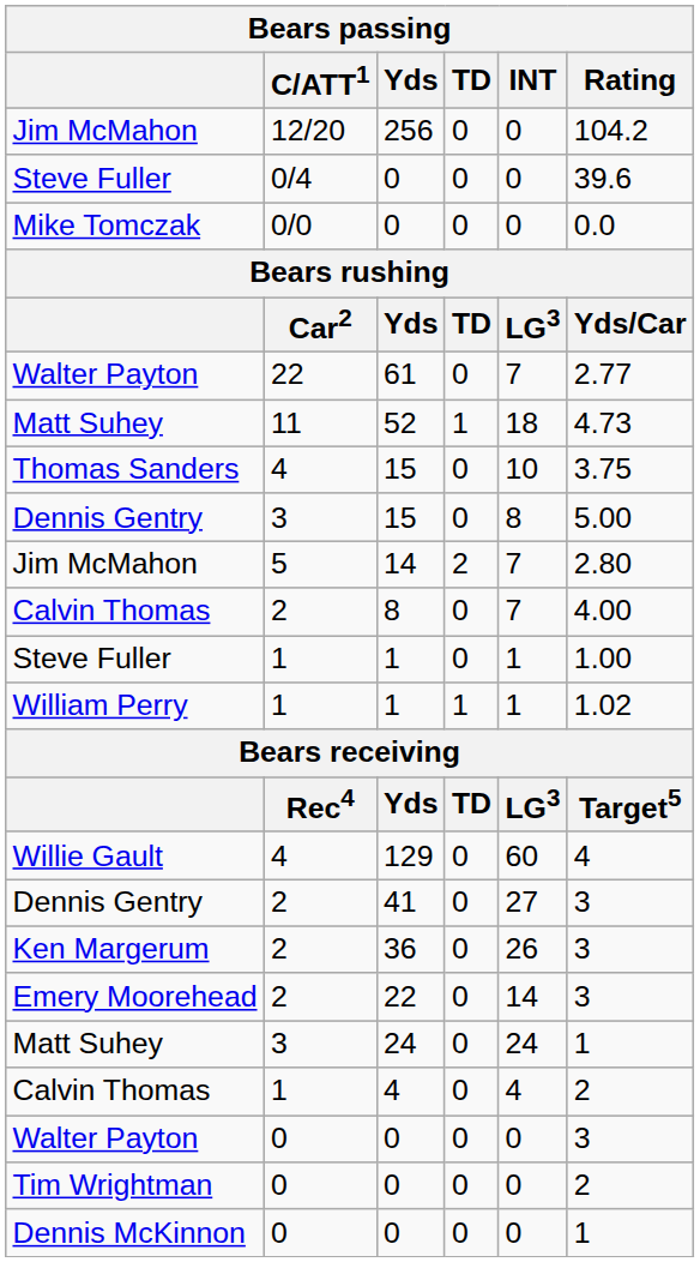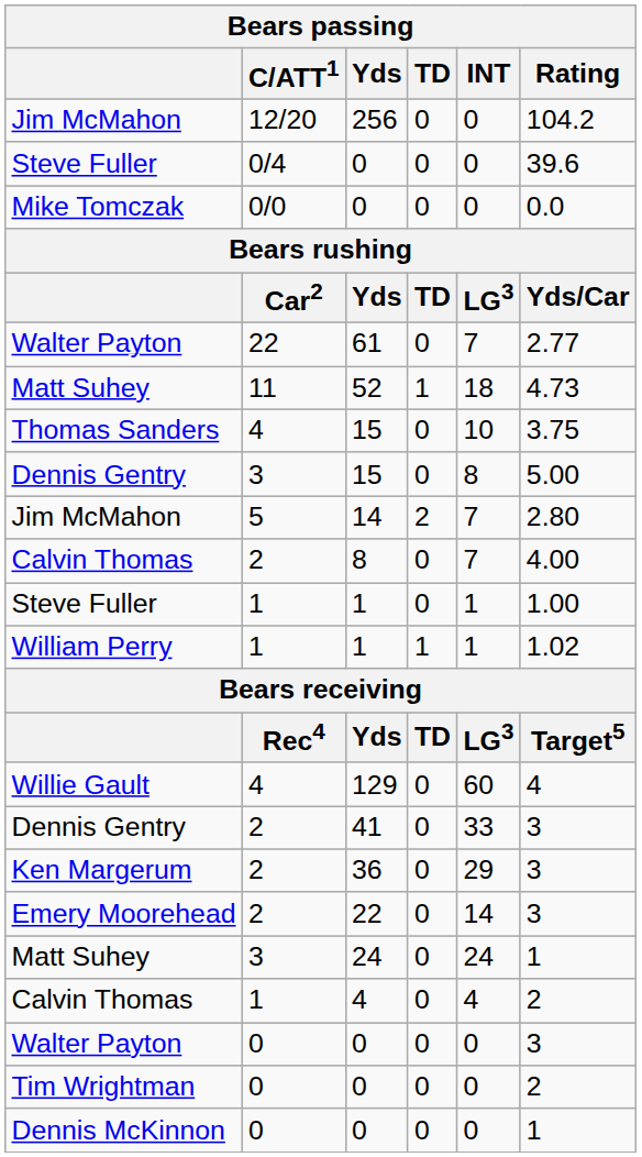 <table class="wikitable">
 <tr>
 <th colspan="6">Bears passing</th>
 </tr>
 <tr>
 <th></th>
 <th>C/ATT<sup>1</sup></th>
 <th>Yds</th>
 <th>TD</th>
 <th>INT</th>
 <th>Rating</th>
 </tr>
 <tr>
 <td><a href='#'>Jim McMahon</a></td>
 <td>12/20</td>
 <td>256</td>
 <td>0</td>
 <td>0</td>
 <td>104.2</td>
 </tr>
 <tr>
 <td><a href='#'>Steve Fuller</a></td>
 <td>0/4</td>
 <td>0</td>
 <td>0</td>
 <td>0</td>
 <td>39.6</td>
 </tr>
 <tr>
 <td><a href='#'>Mike Tomczak</a></td>
 <td>0/0</td>
 <td>0</td>
 <td>0</td>
 <td>0</td>
 <td>0.0</td>
 </tr>
 <tr>
 <th colspan="6">Bears rushing</th>
 </tr>
 <tr>
 <th></th>
 <th>Car<sup>2</sup></th>
 <th>Yds</th>
 <th>TD</th>
 <th>LG<sup>3</sup></th>
 <th>Yds/Car</th>
 </tr>
 <tr>
 <td><a href='#'>Walter Payton</a></td>
 <td>22</td>
 <td>61</td>
 <td>0</td>
 <td>7</td>
 <td>2.77</td>
 </tr>
 <tr>
 <td><a href='#'>Matt Suhey</a></td>
 <td>11</td>
 <td>52</td>
 <td>1</td>
 <td>18</td>
 <td>4.73</td>
 </tr>
 <tr>
 <td><a href='#'>Thomas Sanders</a></td>
 <td>4</td>
 <td>15</td>
 <td>0</td>
 <td>10</td>
 <td>3.75</td>
 </tr>
 <tr>
 <td><a href='#'>Dennis Gentry</a></td>
 <td>3</td>
 <td>15</td>
 <td>0</td>
 <td>8</td>
 <td>5.00</td>
 </tr>
 <tr>
 <td>Jim McMahon</td>
 <td>5</td>
 <td>14</td>
 <td>2</td>
 <td>7</td>
 <td>2.80</td>
 </tr>
 <tr>
 <td><a href='#'>Calvin Thomas</a></td>
 <td>2</td>
 <td>8</td>
 <td>0</td>
 <td>7</td>
 <td>4.00</td>
 </tr>
 <tr>
 <td>Steve Fuller</td>
 <td>1</td>
 <td>1</td>
 <td>0</td>
 <td>1</td>
 <td>1.00</td>
 </tr>
 <tr>
 <td><a href='#'>William Perry</a></td>
 <td>1</td>
 <td>1</td>
 <td>1</td>
 <td>1</td>
 <td>1.02</td>
 </tr>
 <tr>
 <th colspan="6">Bears receiving</th>
 </tr>
 <tr>
 <th></th>
 <th>Rec<sup>4</sup></th>
 <th>Yds</th>
 <th>TD</th>
 <th>LG<sup>3</sup></th>
 <th>Target<sup>5</sup></th>
 </tr>
 <tr>
 <td><a href='#'>Willie Gault</a></td>
 <td>4</td>
 <td>129</td>
 <td>0</td>
 <td>60</td>
 <td>4</td>
 </tr>
 <tr>
 <td>Dennis Gentry</td>
 <td>2</td>
 <td>41</td>
 <td>0</td>
-<td>27</td>
+<td>33</td>
 <td>3</td>
 </tr>
 <tr>
 <td><a href='#'>Ken Margerum</a></td>
 <td>2</td>
 <td>36</td>
 <td>0</td>
-<td>26</td>
+<td>29</td>
 <td>3</td>
 </tr>
 <tr>
 <td><a href='#'>Emery Moorehead</a></td>
 <td>2</td>
 <td>22</td>
 <td>0</td>
 <td>14</td>
 <td>3</td>
 </tr>
 <tr>
 <td>Matt Suhey</td>
 <td>3</td>
 <td>24</td>
 <td>0</td>
 <td>24</td>
 <td>1</td>
 </tr>
 <tr>
 <td>Calvin Thomas</td>
 <td>1</td>
 <td>4</td>
 <td>0</td>
 <td>4</td>
 <td>2</td>
 </tr>
 <tr>
 <td><a href='#'>Walter Payton</a></td>
 <td>0</td>
 <td>0</td>
 <td>0</td>
 <td>0</td>
 <td>3</td>
 </tr>
 <tr>
 <td><a href='#'>Tim Wrightman</a></td>
 <td>0</td>
 <td>0</td>
 <td>0</td>
 <td>0</td>
 <td>2</td>
 </tr>
 <tr>
 <td><a href='#'>Dennis McKinnon</a></td>
 <td>0</td>
 <td>0</td>
 <td>0</td>
 <td>0</td>
 <td>1</td>
 </tr>
 <tr>
 </tr>
 </table>
